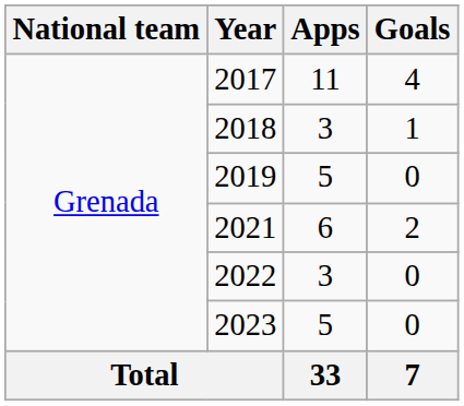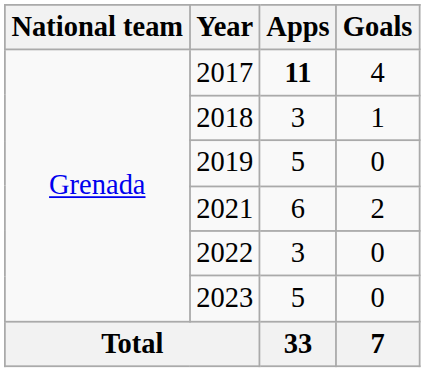 <table class="wikitable" style="text-align:center">
 <tr>
 <th>National team</th>
 <th>Year</th>
 <th>Apps</th>
 <th>Goals</th>
 </tr>
 <tr>
 <td rowspan="6"><a href='#'>Grenada</a></td>
 <td>2017</td>
-<td>11</td>
+<td><strong>11</strong></td>
 <td>4</td>
 </tr>
 <tr>
 <td>2018</td>
 <td>3</td>
 <td>1</td>
 </tr>
 <tr>
 <td>2019</td>
 <td>5</td>
 <td>0</td>
 </tr>
 <tr>
 <td>2021</td>
 <td>6</td>
 <td>2</td>
 </tr>
 <tr>
 <td>2022</td>
 <td>3</td>
 <td>0</td>
 </tr>
 <tr>
 <td>2023</td>
 <td>5</td>
 <td>0</td>
 </tr>
 <tr>
 <th colspan="2">Total</th>
 <th>33</th>
 <th>7</th>
 </tr>
 </table>
